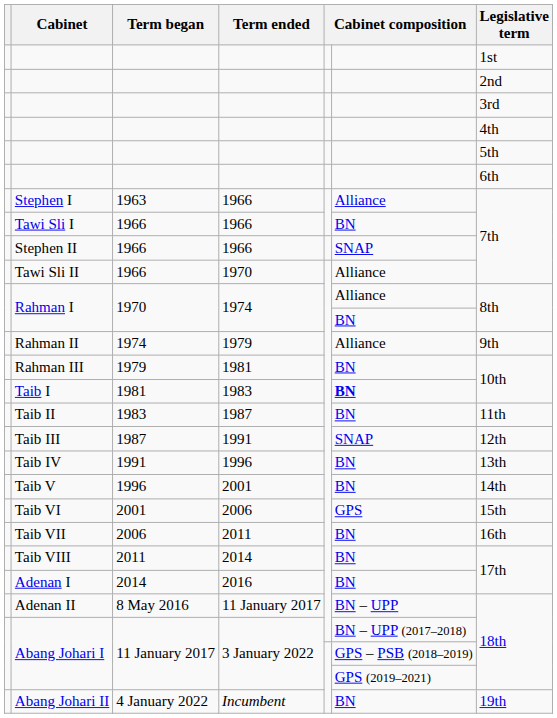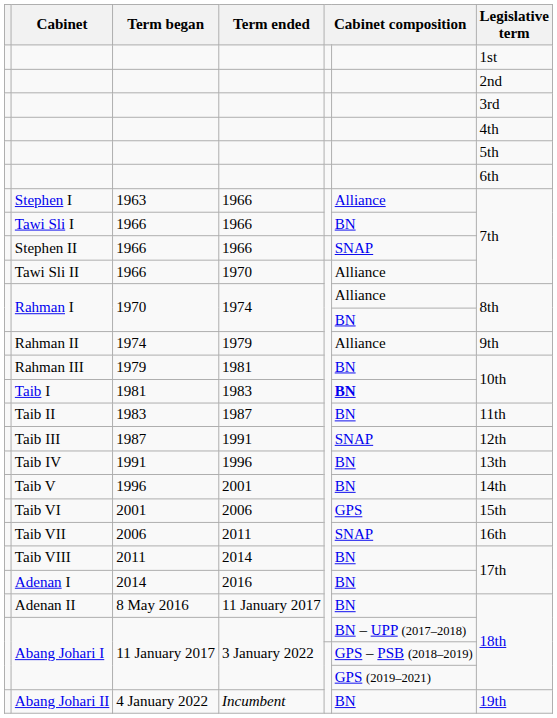 <table class="wikitable">
 <tr>
 <th></th>
 <th>Cabinet</th>
 <th>Term began</th>
 <th>Term ended</th>
 <th colspan="2">Cabinet composition</th>
 <th>Legislative<br>term </th>
 </tr>
 <tr>
 <td></td>
 <td></td>
 <td></td>
 <td></td>
 <td></td>
 <td></td>
 <td>1st</td>
 </tr>
 <tr>
 <td></td>
 <td></td>
 <td></td>
 <td></td>
 <td></td>
 <td></td>
 <td>2nd</td>
 </tr>
 <tr>
 <td></td>
 <td></td>
 <td></td>
 <td></td>
 <td></td>
 <td></td>
 <td>3rd</td>
 </tr>
 <tr>
 <td></td>
 <td></td>
 <td></td>
 <td></td>
 <td></td>
 <td></td>
 <td>4th</td>
 </tr>
 <tr>
 <td></td>
 <td></td>
 <td></td>
 <td></td>
 <td></td>
 <td></td>
 <td>5th</td>
 </tr>
 <tr>
 <td></td>
 <td></td>
 <td></td>
 <td></td>
 <td></td>
 <td></td>
 <td>6th</td>
 </tr>
 <tr>
 <td></td>
 <td><a href='#'>Stephen</a> I</td>
 <td>1963</td>
 <td>1966</td>
 <td rowspan="2" style="background:"></td>
 <td><a href='#'>Alliance</a> </td>
 <td rowspan="4">7th</td>
 </tr>
 <tr>
 <td></td>
 <td><a href='#'>Tawi Sli</a> I</td>
 <td>1966</td>
 <td>1966</td>
 <td><a href='#'>BN</a> </td>
 </tr>
 <tr>
 <td></td>
 <td>Stephen II</td>
 <td>1966</td>
 <td>1966</td>
 <td style="background:"></td>
 <td><a href='#'>SNAP</a> </td>
 </tr>
 <tr>
 <td></td>
 <td>Tawi Sli II</td>
 <td>1966</td>
 <td>1970</td>
 <td rowspan="16" style="background:"></td>
 <td>Alliance </td>
 </tr>
 <tr>
 <td rowspan="2"></td>
 <td rowspan="2"><a href='#'>Rahman</a> I</td>
 <td rowspan="2">1970</td>
 <td rowspan="2">1974</td>
 <td>Alliance </td>
 <td rowspan="2">8th </td>
 </tr>
 <tr>
 <td><a href='#'>BN</a> </td>
 </tr>
 <tr>
 <td></td>
 <td>Rahman II</td>
 <td>1974</td>
 <td>1979</td>
 <td>Alliance </td>
 <td>9th </td>
 </tr>
 <tr>
 <td></td>
 <td>Rahman III</td>
 <td>1979</td>
 <td>1981</td>
 <td><a href='#'>BN</a> </td>
 <td rowspan="2">10th </td>
 </tr>
 <tr>
 <td></td>
 <td><a href='#'>Taib</a> I</td>
 <td>1981</td>
 <td>1983</td>
 <td><strong><a href='#'>BN</a> </strong></td>
 </tr>
 <tr>
 <td></td>
 <td>Taib II</td>
 <td>1983</td>
 <td>1987</td>
 <td><a href='#'>BN</a> </td>
 <td>11th </td>
 </tr>
 <tr>
 <td></td>
 <td>Taib III</td>
 <td>1987</td>
 <td>1991</td>
 <td><a href='#'>SNAP</a> </td>
 <td>12th </td>
 </tr>
 <tr>
 <td></td>
 <td>Taib IV</td>
 <td>1991</td>
 <td>1996</td>
 <td><a href='#'>BN</a> </td>
 <td>13th </td>
 </tr>
 <tr>
 <td></td>
 <td>Taib V</td>
 <td>1996</td>
 <td>2001</td>
 <td><a href='#'>BN</a> </td>
 <td>14th </td>
 </tr>
 <tr>
 <td></td>
 <td>Taib VI</td>
 <td>2001</td>
 <td>2006</td>
 <td><a href='#'>GPS</a> </td>
 <td>15th </td>
 </tr>
 <tr>
 <td></td>
 <td>Taib VII</td>
 <td>2006</td>
 <td>2011</td>
-<td><a href='#'>BN</a> </td>
+<td><a href='#'>SNAP</a> </td>
 <td>16th </td>
 </tr>
 <tr>
 <td></td>
 <td>Taib VIII</td>
 <td>2011</td>
 <td>2014</td>
 <td><a href='#'>BN</a> </td>
 <td rowspan="2">17th </td>
 </tr>
 <tr>
 <td></td>
 <td><a href='#'>Adenan</a> I</td>
 <td>2014</td>
 <td>2016</td>
 <td><a href='#'>BN</a> </td>
 </tr>
 <tr>
 <td></td>
 <td>Adenan II</td>
 <td>8 May 2016</td>
 <td>11 January 2017</td>
-<td><a href='#'>BN</a>  – <a href='#'>UPP</a></td>
+<td><a href='#'>BN</a> </td>
 <td rowspan="4"><a href='#'>18th</a> </td>
 </tr>
 <tr>
 <td rowspan="3"></td>
 <td rowspan="3"><a href='#'>Abang Johari I</a></td>
 <td rowspan="3">11 January 2017</td>
 <td rowspan="3">3 January 2022</td>
 <td><a href='#'>BN</a>  – <a href='#'>UPP</a> <small>(2017–2018)</small></td>
 </tr>
 <tr>
 <td rowspan="3" style="background:"></td>
 <td><a href='#'>GPS</a>  – <a href='#'>PSB</a> <small>(2018–2019)</small></td>
 </tr>
 <tr>
 <td><a href='#'>GPS</a>  <small>(2019–2021)</small></td>
 </tr>
 <tr>
 <td></td>
 <td><a href='#'>Abang Johari II</a></td>
 <td>4 January 2022</td>
 <td><em>Incumbent</em></td>
 <td><a href='#'>BN</a> </td>
 <td><a href='#'>19th</a> </td>
 </tr>
 </table>
